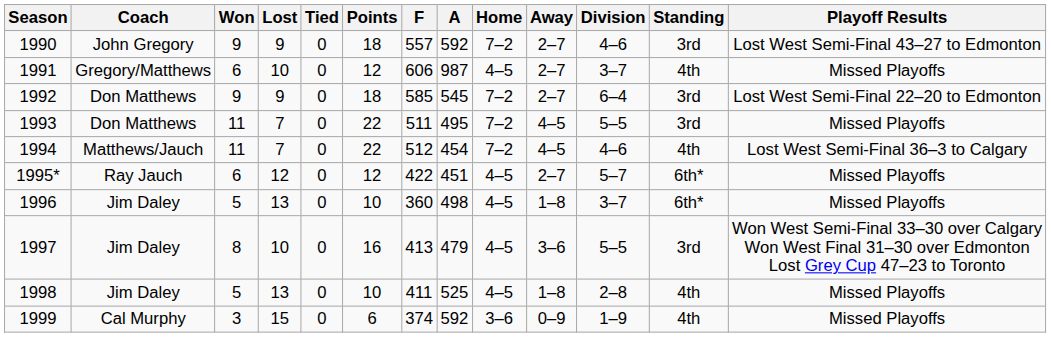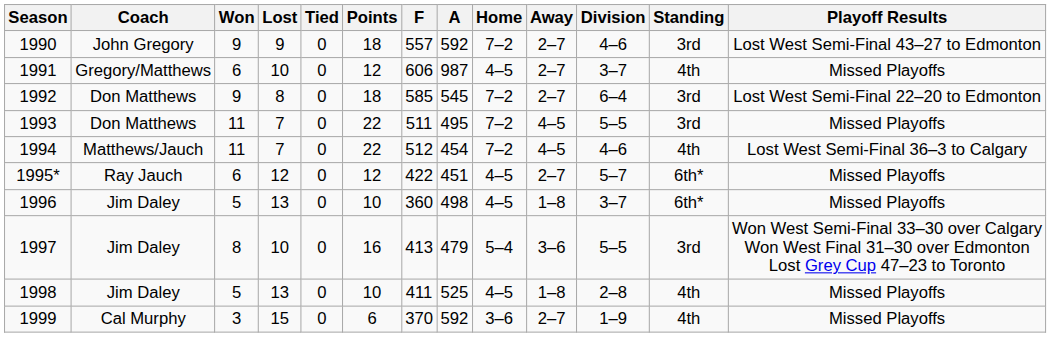 <table class="wikitable" style="text-align: center;">
 <tr>
 <th>Season</th>
 <th>Coach</th>
 <th>Won</th>
 <th>Lost</th>
 <th>Tied</th>
 <th>Points</th>
 <th>F</th>
 <th>A</th>
 <th>Home</th>
 <th>Away</th>
 <th>Division</th>
 <th>Standing</th>
 <th>Playoff Results</th>
 </tr>
 <tr>
 <td>1990</td>
 <td>John Gregory</td>
 <td>9</td>
 <td>9</td>
 <td>0</td>
 <td>18</td>
 <td>557</td>
 <td>592</td>
 <td>7–2</td>
 <td>2–7</td>
 <td>4–6</td>
 <td>3rd</td>
 <td>Lost West Semi-Final 43–27 to Edmonton</td>
 </tr>
 <tr>
 <td>1991</td>
 <td>Gregory/Matthews</td>
 <td>6</td>
 <td>10</td>
 <td>0</td>
 <td>12</td>
 <td>606</td>
 <td>987</td>
 <td>4–5</td>
 <td>2–7</td>
 <td>3–7</td>
 <td>4th</td>
 <td>Missed Playoffs</td>
 </tr>
 <tr>
 <td>1992</td>
 <td>Don Matthews</td>
 <td>9</td>
-<td>9</td>
+<td>8</td>
 <td>0</td>
 <td>18</td>
 <td>585</td>
 <td>545</td>
 <td>7–2</td>
 <td>2–7</td>
 <td>6–4</td>
 <td>3rd</td>
 <td>Lost West Semi-Final 22–20 to Edmonton</td>
 </tr>
 <tr>
 <td>1993</td>
 <td>Don Matthews</td>
 <td>11</td>
 <td>7</td>
 <td>0</td>
 <td>22</td>
 <td>511</td>
 <td>495</td>
 <td>7–2</td>
 <td>4–5</td>
 <td>5–5</td>
 <td>3rd</td>
 <td>Missed Playoffs</td>
 </tr>
 <tr>
 <td>1994</td>
 <td>Matthews/Jauch</td>
 <td>11</td>
 <td>7</td>
 <td>0</td>
 <td>22</td>
 <td>512</td>
 <td>454</td>
 <td>7–2</td>
 <td>4–5</td>
 <td>4–6</td>
 <td>4th</td>
 <td>Lost West Semi-Final 36–3 to Calgary</td>
 </tr>
 <tr>
 <td>1995*</td>
 <td>Ray Jauch</td>
 <td>6</td>
 <td>12</td>
 <td>0</td>
 <td>12</td>
 <td>422</td>
 <td>451</td>
 <td>4–5</td>
 <td>2–7</td>
 <td>5–7</td>
 <td>6th*</td>
 <td>Missed Playoffs</td>
 </tr>
 <tr>
 <td>1996</td>
 <td>Jim Daley</td>
 <td>5</td>
 <td>13</td>
 <td>0</td>
 <td>10</td>
 <td>360</td>
 <td>498</td>
 <td>4–5</td>
 <td>1–8</td>
 <td>3–7</td>
 <td>6th*</td>
 <td>Missed Playoffs</td>
 </tr>
 <tr>
 <td>1997</td>
 <td>Jim Daley</td>
 <td>8</td>
 <td>10</td>
 <td>0</td>
 <td>16</td>
 <td>413</td>
 <td>479</td>
-<td>4–5</td>
+<td>5–4</td>
 <td>3–6</td>
 <td>5–5</td>
 <td>3rd</td>
 <td>Won West Semi-Final 33–30 over Calgary<br>Won West Final 31–30 over Edmonton<br>Lost <a href='#'>Grey Cup</a> 47–23 to Toronto</td>
 </tr>
 <tr>
 <td>1998</td>
 <td>Jim Daley</td>
 <td>5</td>
 <td>13</td>
 <td>0</td>
 <td>10</td>
 <td>411</td>
 <td>525</td>
 <td>4–5</td>
 <td>1–8</td>
 <td>2–8</td>
 <td>4th</td>
 <td>Missed Playoffs</td>
 </tr>
 <tr>
 <td>1999</td>
 <td>Cal Murphy</td>
 <td>3</td>
 <td>15</td>
 <td>0</td>
 <td>6</td>
-<td>374</td>
+<td>370</td>
 <td>592</td>
 <td>3–6</td>
-<td>0–9</td>
+<td>2–7</td>
 <td>1–9</td>
 <td>4th</td>
 <td>Missed Playoffs</td>
 </tr>
 </table>
